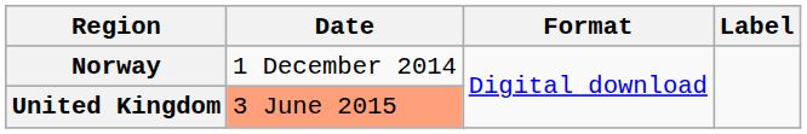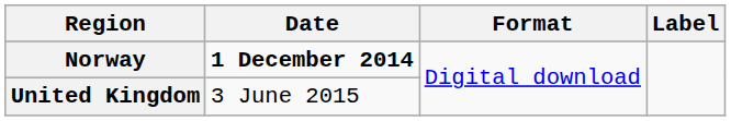 <table class="wikitable plainrowheaders">
 <tr>
 <th scope="col">Region</th>
 <th scope="col">Date</th>
 <th scope="col">Format</th>
 <th scope="col">Label</th>
 </tr>
 <tr>
 <th scope="row">Norway</th>
-<td>1 December 2014</td>
+<td><strong>1 December 2014</strong></td>
 <td rowspan="2"><a href='#'>Digital download</a></td>
 <td rowspan="2"></td>
 </tr>
 <tr>
 <th scope="row">United Kingdom</th>
-<td style="background: lightsalmon;">3 June 2015</td>
+<td>3 June 2015</td>
 </tr>
 </table>
